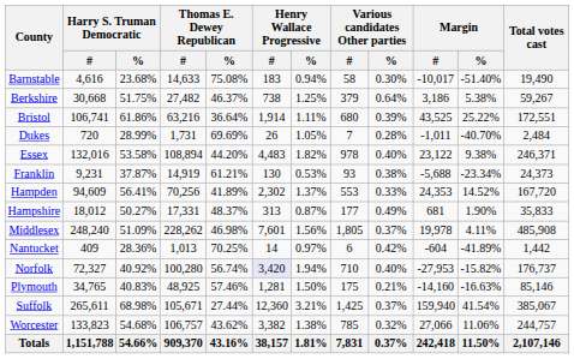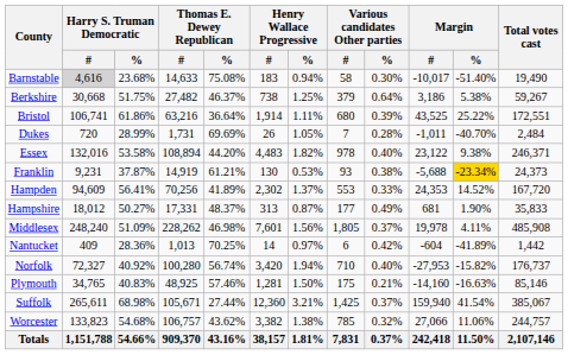 <table width="60%" class="wikitable sortable">
 <tr>
 <th rowspan="2">County</th>
 <th colspan="2">Harry S. Truman<br>Democratic</th>
 <th colspan="2">Thomas E. Dewey<br>Republican</th>
 <th colspan="2">Henry Wallace<br>Progressive</th>
 <th colspan="2">Various candidates<br>Other parties</th>
 <th colspan="2">Margin</th>
 <th rowspan="2">Total votes cast</th>
 </tr>
 <tr bgcolor="lightgrey">
 <th style="text-align:center;" data-sort-type="number">#</th>
 <th style="text-align:center;" data-sort-type="number">%</th>
 <th style="text-align:center;" data-sort-type="number">#</th>
 <th style="text-align:center;" data-sort-type="number">%</th>
 <th style="text-align:center;" data-sort-type="number">#</th>
 <th style="text-align:center;" data-sort-type="number">%</th>
 <th style="text-align:center;" data-sort-type="number">#</th>
 <th style="text-align:center;" data-sort-type="number">%</th>
 <th style="text-align:center;" data-sort-type="number">#</th>
 <th style="text-align:center;" data-sort-type="number">%</th>
 </tr>
 <tr style="text-align:center;">
 <td><a href='#'>Barnstable</a></td>
-<td>4,616</td>
+<td style="background: lightgrey;">4,616</td>
 <td>23.68%</td>
 <td>14,633</td>
 <td>75.08%</td>
 <td>183</td>
 <td>0.94%</td>
 <td>58</td>
 <td>0.30%</td>
 <td>-10,017</td>
 <td>-51.40%</td>
 <td>19,490</td>
 </tr>
 <tr style="text-align:center;">
 <td><a href='#'>Berkshire</a></td>
 <td>30,668</td>
 <td>51.75%</td>
 <td>27,482</td>
 <td>46.37%</td>
 <td>738</td>
 <td>1.25%</td>
 <td>379</td>
 <td>0.64%</td>
 <td>3,186</td>
 <td>5.38%</td>
 <td>59,267</td>
 </tr>
 <tr style="text-align:center;">
 <td><a href='#'>Bristol</a></td>
 <td>106,741</td>
 <td>61.86%</td>
 <td>63,216</td>
 <td>36.64%</td>
 <td>1,914</td>
 <td>1.11%</td>
 <td>680</td>
 <td>0.39%</td>
 <td>43,525</td>
 <td>25.22%</td>
 <td>172,551</td>
 </tr>
 <tr style="text-align:center;">
 <td><a href='#'>Dukes</a></td>
 <td>720</td>
 <td>28.99%</td>
 <td>1,731</td>
 <td>69.69%</td>
 <td>26</td>
 <td>1.05%</td>
 <td>7</td>
 <td>0.28%</td>
 <td>-1,011</td>
 <td>-40.70%</td>
 <td>2,484</td>
 </tr>
 <tr style="text-align:center;">
 <td><a href='#'>Essex</a></td>
 <td>132,016</td>
 <td>53.58%</td>
 <td>108,894</td>
 <td>44.20%</td>
 <td>4,483</td>
 <td>1.82%</td>
 <td>978</td>
 <td>0.40%</td>
 <td>23,122</td>
 <td>9.38%</td>
 <td>246,371</td>
 </tr>
 <tr style="text-align:center;">
 <td><a href='#'>Franklin</a></td>
 <td>9,231</td>
 <td>37.87%</td>
 <td>14,919</td>
 <td>61.21%</td>
 <td>130</td>
 <td>0.53%</td>
 <td>93</td>
 <td>0.38%</td>
 <td>-5,688</td>
-<td>-23.34%</td>
+<td style="background: gold;">-23.34%</td>
 <td>24,373</td>
 </tr>
 <tr style="text-align:center;">
 <td><a href='#'>Hampden</a></td>
 <td>94,609</td>
 <td>56.41%</td>
 <td>70,256</td>
 <td>41.89%</td>
 <td>2,302</td>
 <td>1.37%</td>
 <td>553</td>
 <td>0.33%</td>
 <td>24,353</td>
 <td>14.52%</td>
 <td>167,720</td>
 </tr>
 <tr style="text-align:center;">
 <td><a href='#'>Hampshire</a></td>
 <td>18,012</td>
 <td>50.27%</td>
 <td>17,331</td>
 <td>48.37%</td>
 <td>313</td>
 <td>0.87%</td>
 <td>177</td>
 <td>0.49%</td>
 <td>681</td>
 <td>1.90%</td>
 <td>35,833</td>
 </tr>
 <tr style="text-align:center;">
 <td><a href='#'>Middlesex</a></td>
 <td>248,240</td>
 <td>51.09%</td>
 <td>228,262</td>
 <td>46.98%</td>
 <td>7,601</td>
 <td>1.56%</td>
 <td>1,805</td>
 <td>0.37%</td>
 <td>19,978</td>
 <td>4.11%</td>
 <td>485,908</td>
 </tr>
 <tr style="text-align:center;">
 <td><a href='#'>Nantucket</a></td>
 <td>409</td>
 <td>28.36%</td>
 <td>1,013</td>
 <td>70.25%</td>
 <td>14</td>
 <td>0.97%</td>
 <td>6</td>
 <td>0.42%</td>
 <td>-604</td>
 <td>-41.89%</td>
 <td>1,442</td>
 </tr>
 <tr style="text-align:center;">
 <td><a href='#'>Norfolk</a></td>
 <td>72,327</td>
 <td>40.92%</td>
 <td>100,280</td>
 <td>56.74%</td>
-<td style="background: lavender;">3,420</td>
+<td>3,420</td>
 <td>1.94%</td>
 <td>710</td>
 <td>0.40%</td>
 <td>-27,953</td>
 <td>-15.82%</td>
 <td>176,737</td>
 </tr>
 <tr style="text-align:center;">
 <td><a href='#'>Plymouth</a></td>
 <td>34,765</td>
 <td>40.83%</td>
 <td>48,925</td>
 <td>57.46%</td>
 <td>1,281</td>
 <td>1.50%</td>
 <td>175</td>
 <td>0.21%</td>
 <td>-14,160</td>
 <td>-16.63%</td>
 <td>85,146</td>
 </tr>
 <tr style="text-align:center;">
 <td><a href='#'>Suffolk</a></td>
 <td>265,611</td>
 <td>68.98%</td>
 <td>105,671</td>
 <td>27.44%</td>
 <td>12,360</td>
 <td>3.21%</td>
 <td>1,425</td>
 <td>0.37%</td>
 <td>159,940</td>
 <td>41.54%</td>
 <td>385,067</td>
 </tr>
 <tr style="text-align:center;">
 <td><a href='#'>Worcester</a></td>
 <td>133,823</td>
 <td>54.68%</td>
 <td>106,757</td>
 <td>43.62%</td>
 <td>3,382</td>
 <td>1.38%</td>
 <td>785</td>
 <td>0.32%</td>
 <td>27,066</td>
 <td>11.06%</td>
 <td>244,757</td>
 </tr>
 <tr>
 <th>Totals</th>
 <th>1,151,788</th>
 <th>54.66%</th>
 <th>909,370</th>
 <th>43.16%</th>
 <th>38,157</th>
 <th>1.81%</th>
 <th>7,831</th>
 <th>0.37%</th>
 <th>242,418</th>
 <th>11.50%</th>
 <th>2,107,146</th>
 </tr>
 </table>
